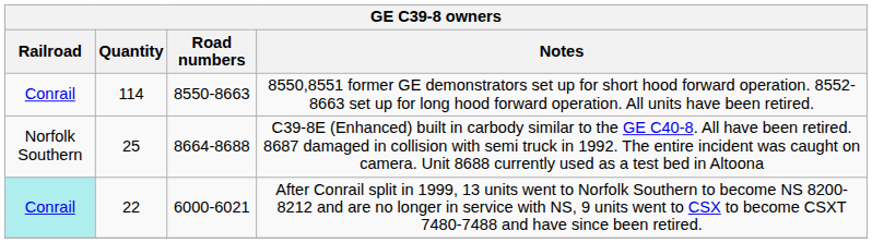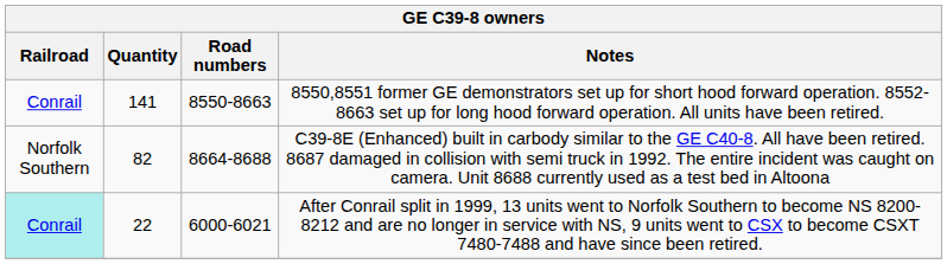 <table class="wikitable">
 <tr>
 <th colspan=4>GE C39-8 owners</th>
 </tr>
 <tr>
 <th>Railroad</th>
 <th>Quantity</th>
 <th>Road numbers</th>
 <th>Notes</th>
 </tr>
 <tr align = "center">
 <td><a href='#'>Conrail</a></td>
-<td>114</td>
+<td>141</td>
 <td>8550-8663</td>
 <td>8550,8551 former GE demonstrators set up for short hood forward operation. 8552-8663 set up for long hood forward operation. All units have been retired.</td>
 </tr>
 <tr align = "center">
 <td>Norfolk Southern</td>
-<td>25</td>
+<td>82</td>
 <td>8664-8688</td>
 <td>C39-8E (Enhanced) built in carbody similar to the <a href='#'>GE C40-8</a>. All have been retired. 8687 damaged in collision  with  semi truck in 1992. The entire incident was caught on camera. Unit 8688 currently used as a test bed in Altoona </td>
 </tr>
 <tr align = "center">
 <td style="background: paleturquoise;"><a href='#'>Conrail</a></td>
 <td>22</td>
 <td>6000-6021</td>
 <td>After Conrail split in 1999, 13 units went to Norfolk Southern to become NS 8200-8212 and are no longer in service with NS, 9 units went to <a href='#'>CSX</a> to become CSXT 7480-7488 and have since been retired.</td>
 </tr>
 <tr align = "center">
 </tr>
 </table>
